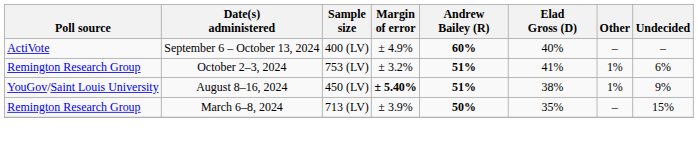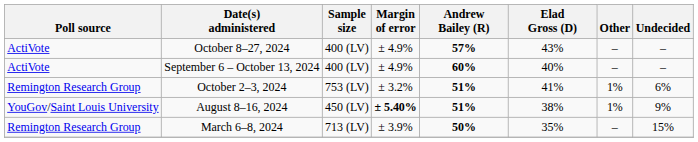 <table class="wikitable" style="font-size:90%;text-align:center;">
 <tr style="vertical-align:bottom">
 <th>Poll source</th>
 <th>Date(s)<br>administered</th>
 <th>Sample<br>size</th>
 <th>Margin<br>of error</th>
 <th style="width:100px;">Andrew<br>Bailey (R)</th>
 <th style="width:100px;">Elad<br>Gross (D)</th>
 <th>Other</th>
 <th>Undecided</th>
+</tr>
+<tr>
+<td style="text-align:left;"><a href='#'>ActiVote</a></td>
+<td>October 8–27, 2024</td>
+<td>400 (LV)</td>
+<td>± 4.9%</td>
+<td><strong>57%</strong></td>
+<td>43%</td>
+<td>–</td>
+<td>–</td>
 </tr>
 <tr>
 <td style="text-align:left;"><a href='#'>ActiVote</a></td>
 <td>September 6 – October 13, 2024</td>
 <td>400 (LV)</td>
 <td>± 4.9%</td>
 <td><strong>60%</strong></td>
 <td>40%</td>
 <td>–</td>
 <td>–</td>
 </tr>
 <tr>
 <td style="text-align:left;"><a href='#'>Remington Research Group</a></td>
 <td>October 2–3, 2024</td>
 <td>753 (LV)</td>
 <td>± 3.2%</td>
 <td><strong>51%</strong></td>
 <td>41%</td>
 <td>1%</td>
 <td>6%</td>
 </tr>
 <tr>
 <td style="text-align:left;"><a href='#'>YouGov</a>/<a href='#'>Saint Louis University</a></td>
 <td>August 8–16, 2024</td>
 <td>450 (LV)</td>
 <td><strong>± 5.40%</strong></td>
 <td><strong>51%</strong></td>
 <td>38%</td>
 <td>1%</td>
 <td>9%</td>
 </tr>
 <tr>
 <td style="text-align:left;"><a href='#'>Remington Research Group</a></td>
 <td>March 6–8, 2024</td>
 <td>713 (LV)</td>
 <td>± 3.9%</td>
 <td><strong>50%</strong></td>
 <td>35%</td>
 <td>–</td>
 <td>15%</td>
 </tr>
 <tr>
 </tr>
 </table>
